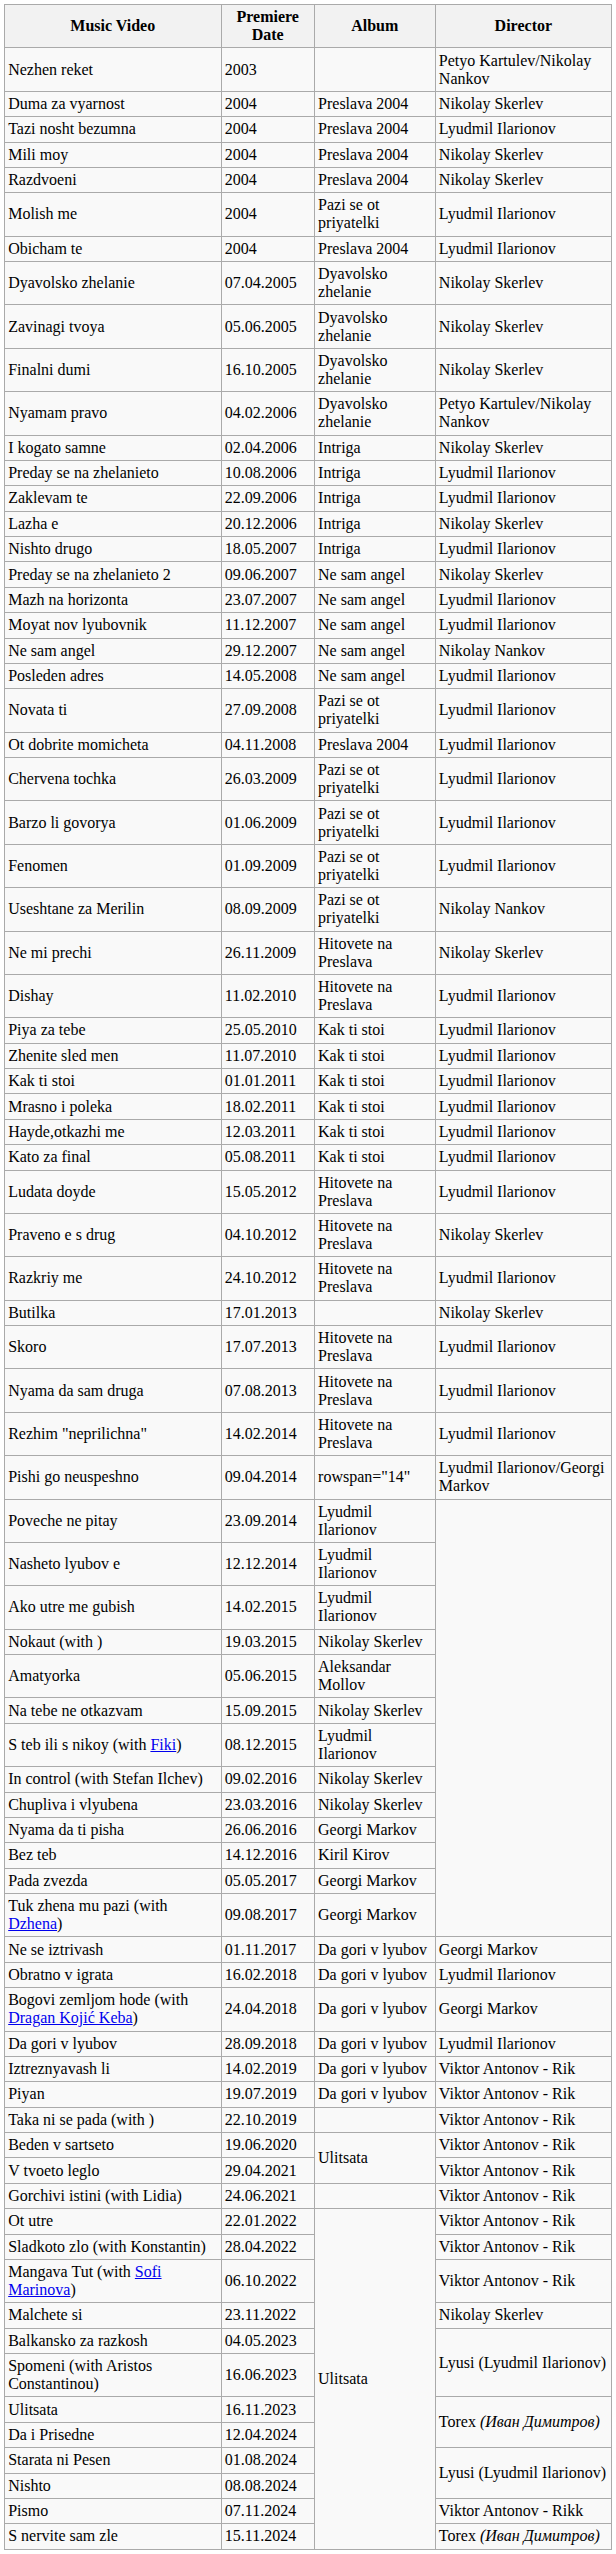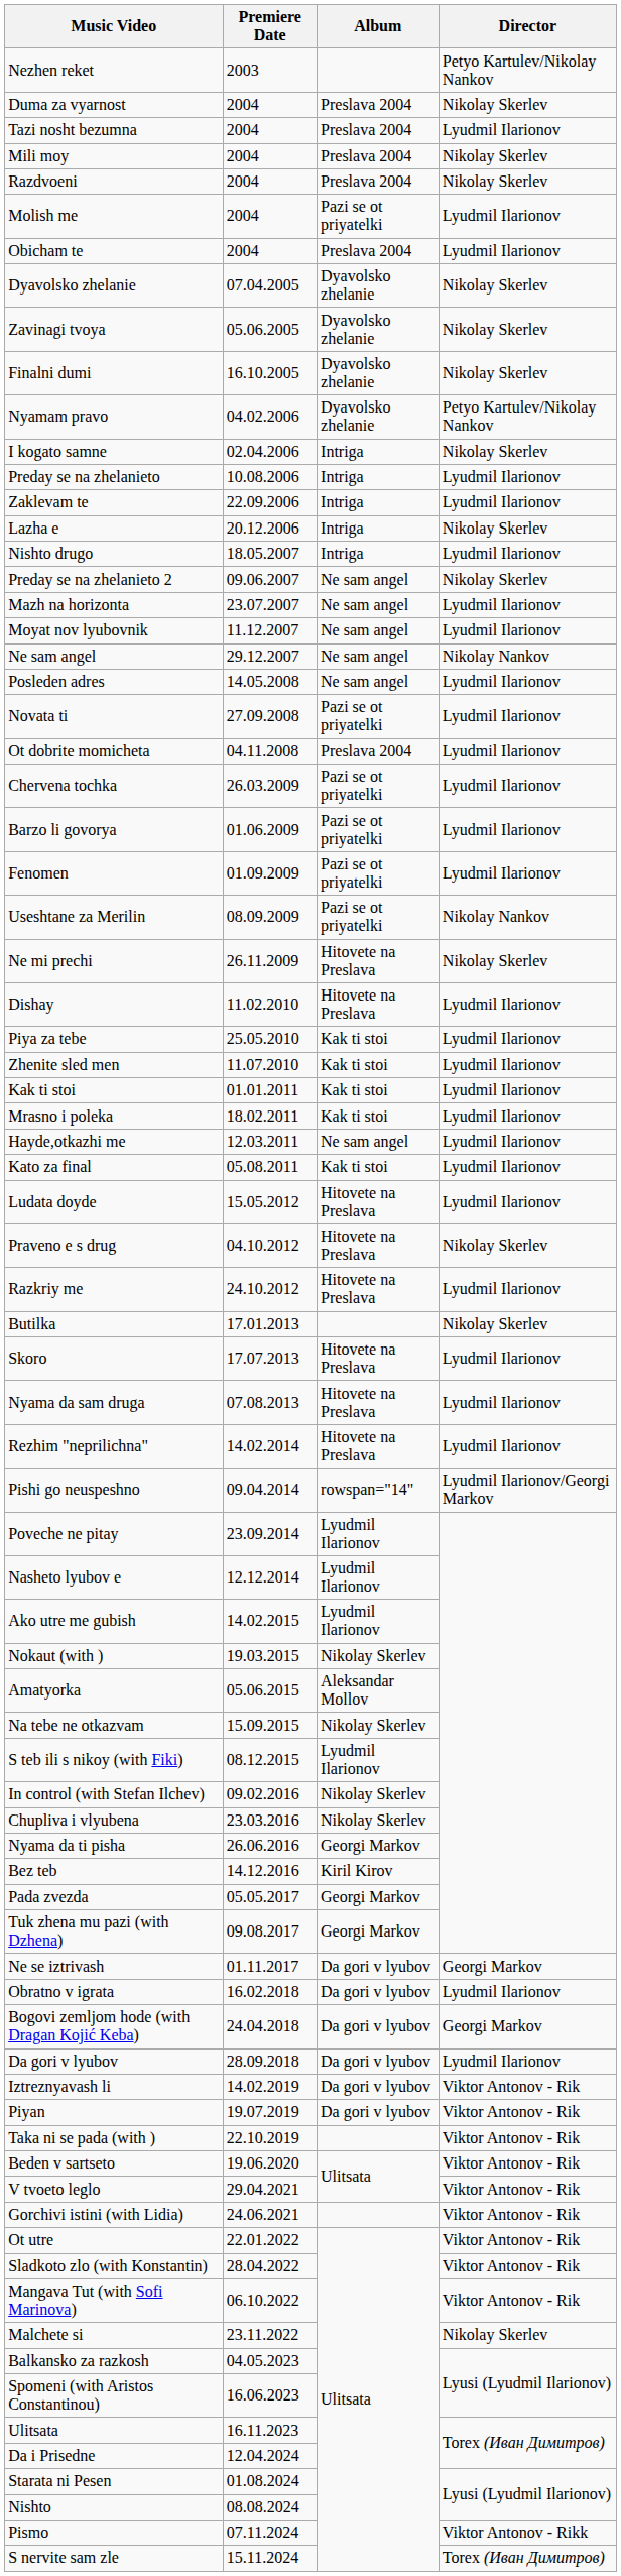 <table class="wikitable">
 <tr>
 <th>Music Video</th>
 <th>Premiere Date</th>
 <th>Album</th>
 <th>Director</th>
 </tr>
 <tr>
 <td>Nezhen reket</td>
 <td>2003</td>
 <td></td>
 <td>Petyo Kartulev/Nikolay Nankov</td>
 </tr>
 <tr>
 <td>Duma za vyarnost</td>
 <td>2004</td>
 <td>Preslava 2004</td>
 <td>Nikolay Skerlev</td>
 </tr>
 <tr>
 <td>Tazi nosht bezumna</td>
 <td>2004</td>
 <td>Preslava 2004</td>
 <td>Lyudmil Ilarionov</td>
 </tr>
 <tr>
 <td>Mili moy</td>
 <td>2004</td>
 <td>Preslava 2004</td>
 <td>Nikolay Skerlev</td>
 </tr>
 <tr>
 <td>Razdvoeni</td>
 <td>2004</td>
 <td>Preslava 2004</td>
 <td>Nikolay Skerlev</td>
 </tr>
 <tr>
 <td>Molish me</td>
 <td>2004</td>
 <td>Pazi se ot priyatelki</td>
 <td>Lyudmil Ilarionov</td>
 </tr>
 <tr>
 <td>Obicham te</td>
 <td>2004</td>
 <td>Preslava 2004</td>
 <td>Lyudmil Ilarionov</td>
 </tr>
 <tr>
 <td>Dyavolsko zhelanie</td>
 <td>07.04.2005</td>
 <td>Dyavolsko zhelanie</td>
 <td>Nikolay Skerlev</td>
 </tr>
 <tr>
 <td>Zavinagi tvoya</td>
 <td>05.06.2005</td>
 <td>Dyavolsko zhelanie</td>
 <td>Nikolay Skerlev</td>
 </tr>
 <tr>
 <td>Finalni dumi</td>
 <td>16.10.2005</td>
 <td>Dyavolsko zhelanie</td>
 <td>Nikolay Skerlev</td>
 </tr>
 <tr>
 <td>Nyamam pravo</td>
 <td>04.02.2006</td>
 <td>Dyavolsko zhelanie</td>
 <td>Petyo Kartulev/Nikolay Nankov</td>
 </tr>
 <tr>
 <td>I kogato samne</td>
 <td>02.04.2006</td>
 <td>Intriga</td>
 <td>Nikolay Skerlev</td>
 </tr>
 <tr>
 <td>Preday se na zhelanieto</td>
 <td>10.08.2006</td>
 <td>Intriga</td>
 <td>Lyudmil Ilarionov</td>
 </tr>
 <tr>
 <td>Zaklevam te</td>
 <td>22.09.2006</td>
 <td>Intriga</td>
 <td>Lyudmil Ilarionov</td>
 </tr>
 <tr>
 <td>Lazha e</td>
 <td>20.12.2006</td>
 <td>Intriga</td>
 <td>Nikolay Skerlev</td>
 </tr>
 <tr>
 <td>Nishto drugo</td>
 <td>18.05.2007</td>
 <td>Intriga</td>
 <td>Lyudmil Ilarionov</td>
 </tr>
 <tr>
 <td>Preday se na zhelanieto 2</td>
 <td>09.06.2007</td>
 <td>Ne sam angel</td>
 <td>Nikolay Skerlev</td>
 </tr>
 <tr>
 <td>Mazh na horizonta</td>
 <td>23.07.2007</td>
 <td>Ne sam angel</td>
 <td>Lyudmil Ilarionov</td>
 </tr>
 <tr>
 <td>Moyat nov lyubovnik</td>
 <td>11.12.2007</td>
 <td>Ne sam angel</td>
 <td>Lyudmil Ilarionov</td>
 </tr>
 <tr>
 <td>Ne sam angel</td>
 <td>29.12.2007</td>
 <td>Ne sam angel</td>
 <td>Nikolay Nankov</td>
 </tr>
 <tr>
 <td>Posleden adres</td>
 <td>14.05.2008</td>
 <td>Ne sam angel</td>
 <td>Lyudmil Ilarionov</td>
 </tr>
 <tr>
 <td>Novata ti</td>
 <td>27.09.2008</td>
 <td>Pazi se ot priyatelki</td>
 <td>Lyudmil Ilarionov</td>
 </tr>
 <tr>
 <td>Ot dobrite momicheta</td>
 <td>04.11.2008</td>
 <td>Preslava 2004</td>
 <td>Lyudmil Ilarionov</td>
 </tr>
 <tr>
 <td>Chervena tochka</td>
 <td>26.03.2009</td>
 <td>Pazi se ot priyatelki</td>
 <td>Lyudmil Ilarionov</td>
 </tr>
 <tr>
 <td>Barzo li govorya</td>
 <td>01.06.2009</td>
 <td>Pazi se ot priyatelki</td>
 <td>Lyudmil Ilarionov</td>
 </tr>
 <tr>
 <td>Fenomen</td>
 <td>01.09.2009</td>
 <td>Pazi se ot priyatelki</td>
 <td>Lyudmil Ilarionov</td>
 </tr>
 <tr>
 <td>Useshtane za Merilin</td>
 <td>08.09.2009</td>
 <td>Pazi se ot priyatelki</td>
 <td>Nikolay Nankov</td>
 </tr>
 <tr>
 <td>Ne mi prechi</td>
 <td>26.11.2009</td>
 <td>Hitovete na Preslava</td>
 <td>Nikolay Skerlev</td>
 </tr>
 <tr>
 <td>Dishay</td>
 <td>11.02.2010</td>
 <td>Hitovete na Preslava</td>
 <td>Lyudmil Ilarionov</td>
 </tr>
 <tr>
 <td>Piya za tebe</td>
 <td>25.05.2010</td>
 <td>Kak ti stoi</td>
 <td>Lyudmil Ilarionov</td>
 </tr>
 <tr>
 <td>Zhenite sled men</td>
 <td>11.07.2010</td>
 <td>Kak ti stoi</td>
 <td>Lyudmil Ilarionov</td>
 </tr>
 <tr>
 <td>Kak ti stoi</td>
 <td>01.01.2011</td>
 <td>Kak ti stoi</td>
 <td>Lyudmil Ilarionov</td>
 </tr>
 <tr>
 <td>Mrasno i poleka</td>
 <td>18.02.2011</td>
 <td>Kak ti stoi</td>
 <td>Lyudmil Ilarionov</td>
 </tr>
 <tr>
 <td>Hayde,otkazhi me</td>
 <td>12.03.2011</td>
-<td>Kak ti stoi</td>
+<td>Ne sam angel</td>
 <td>Lyudmil Ilarionov</td>
 </tr>
 <tr>
 <td>Kato za final</td>
 <td>05.08.2011</td>
 <td>Kak ti stoi</td>
 <td>Lyudmil Ilarionov</td>
 </tr>
 <tr>
 <td>Ludata doyde</td>
 <td>15.05.2012</td>
 <td>Hitovete na Preslava</td>
 <td>Lyudmil Ilarionov</td>
 </tr>
 <tr>
 <td>Praveno e s drug</td>
 <td>04.10.2012</td>
 <td>Hitovete na Preslava</td>
 <td>Nikolay Skerlev</td>
 </tr>
 <tr>
 <td>Razkriy me</td>
 <td>24.10.2012</td>
 <td>Hitovete na Preslava</td>
 <td>Lyudmil Ilarionov</td>
 </tr>
 <tr>
 <td>Butilka</td>
 <td>17.01.2013</td>
 <td></td>
 <td>Nikolay Skerlev</td>
 </tr>
 <tr>
 <td>Skoro</td>
 <td>17.07.2013</td>
 <td>Hitovete na Preslava</td>
 <td>Lyudmil Ilarionov</td>
 </tr>
 <tr>
 <td>Nyama da sam druga</td>
 <td>07.08.2013</td>
 <td>Hitovete na Preslava</td>
 <td>Lyudmil Ilarionov</td>
 </tr>
 <tr>
 <td>Rezhim "neprilichna"</td>
 <td>14.02.2014</td>
 <td>Hitovete na Preslava</td>
 <td>Lyudmil Ilarionov</td>
 </tr>
 <tr>
 <td>Pishi go neuspeshno</td>
 <td>09.04.2014</td>
 <td>rowspan="14" </td>
 <td>Lyudmil Ilarionov/Georgi Markov</td>
 </tr>
 <tr>
 <td>Poveche ne pitay</td>
 <td>23.09.2014</td>
 <td>Lyudmil Ilarionov</td>
 </tr>
 <tr>
 <td>Nasheto lyubov e</td>
 <td>12.12.2014</td>
 <td>Lyudmil Ilarionov</td>
 </tr>
 <tr>
 <td>Ako utre me gubish</td>
 <td>14.02.2015</td>
 <td>Lyudmil Ilarionov</td>
 </tr>
 <tr>
 <td>Nokaut (with )</td>
 <td>19.03.2015</td>
 <td>Nikolay Skerlev</td>
 </tr>
 <tr>
 <td>Amatyorka</td>
 <td>05.06.2015</td>
 <td>Aleksandar Mollov</td>
 </tr>
 <tr |bg|Ваня (певица)}}>
 <td>Na tebe ne otkazvam</td>
 <td>15.09.2015</td>
 <td>Nikolay Skerlev</td>
 </tr>
 <tr>
 <td>S teb ili s nikoy (with <a href='#'>Fiki</a>)</td>
 <td>08.12.2015</td>
 <td>Lyudmil Ilarionov</td>
 </tr>
 <tr>
 <td>In control (with Stefan Ilchev)</td>
 <td>09.02.2016</td>
 <td>Nikolay Skerlev</td>
 </tr>
 <tr>
 <td>Chupliva i vlyubena</td>
 <td>23.03.2016</td>
 <td>Nikolay Skerlev</td>
 </tr>
 <tr>
 <td>Nyama da ti pisha</td>
 <td>26.06.2016</td>
 <td>Georgi Markov</td>
 </tr>
 <tr>
 <td>Bez teb</td>
 <td>14.12.2016</td>
 <td>Kiril Kirov</td>
 </tr>
 <tr>
 <td>Pada zvezda</td>
 <td>05.05.2017</td>
 <td>Georgi Markov</td>
 </tr>
 <tr>
 <td>Tuk zhena mu pazi (with <a href='#'>Dzhena</a>)</td>
 <td>09.08.2017</td>
 <td>Georgi Markov</td>
 </tr>
 <tr>
 <td>Ne se iztrivash</td>
 <td>01.11.2017</td>
 <td>Da gori v lyubov</td>
 <td>Georgi Markov</td>
 </tr>
 <tr>
 <td>Obratno v igrata</td>
 <td>16.02.2018</td>
 <td>Da gori v lyubov</td>
 <td>Lyudmil Ilarionov</td>
 </tr>
 <tr>
 <td>Bogovi zemljom hode (with <a href='#'>Dragan Kojić Keba</a>)</td>
 <td>24.04.2018</td>
 <td>Da gori v lyubov</td>
 <td>Georgi Markov</td>
 </tr>
 <tr>
 <td>Da gori v lyubov</td>
 <td>28.09.2018</td>
 <td>Da gori v lyubov</td>
 <td>Lyudmil Ilarionov</td>
 </tr>
 <tr>
 <td>Iztreznyavash li</td>
 <td>14.02.2019</td>
 <td>Da gori v lyubov</td>
 <td>Viktor Antonov - Rik</td>
 </tr>
 <tr>
 <td>Piyan</td>
 <td>19.07.2019</td>
 <td>Da gori v lyubov</td>
 <td>Viktor Antonov - Rik</td>
 </tr>
 <tr>
 <td>Taka ni se pada (with )</td>
 <td>22.10.2019</td>
 <td></td>
 <td>Viktor Antonov - Rik</td>
 </tr>
 <tr>
 <td>Beden v sartseto</td>
 <td>19.06.2020</td>
 <td rowspan="2">Ulitsata</td>
 <td>Viktor Antonov - Rik</td>
 </tr>
 <tr>
 <td>V tvoeto leglo</td>
 <td>29.04.2021</td>
 <td>Viktor Antonov - Rik</td>
 </tr>
 <tr>
 <td>Gorchivi istini (with Lidia)</td>
 <td>24.06.2021</td>
 <td></td>
 <td>Viktor Antonov - Rik</td>
 </tr>
 <tr>
 <td>Ot utre</td>
 <td>22.01.2022</td>
 <td rowspan="12">Ulitsata</td>
 <td>Viktor Antonov - Rik</td>
 </tr>
 <tr>
 <td>Sladkoto zlo (with Konstantin)</td>
 <td>28.04.2022</td>
 <td>Viktor Antonov - Rik</td>
 </tr>
 <tr>
 <td>Mangava Tut (with <a href='#'>Sofi Marinova</a>)</td>
 <td>06.10.2022</td>
 <td>Viktor Antonov - Rik</td>
 </tr>
 <tr>
 <td>Malchete si</td>
 <td>23.11.2022</td>
 <td>Nikolay Skerlev</td>
 </tr>
 <tr>
 <td>Balkansko za razkosh</td>
 <td>04.05.2023</td>
 <td rowspan="2">Lyusi (Lyudmil Ilarionov)</td>
 </tr>
 <tr>
 <td>Spomeni (with Aristos Constantinou)</td>
 <td>16.06.2023</td>
 </tr>
 <tr>
 <td>Ulitsata</td>
 <td>16.11.2023</td>
 <td rowspan="2">Torex <em>(Иван Димитров)</em></td>
 </tr>
 <tr>
 <td>Da i Prisedne</td>
 <td>12.04.2024</td>
 </tr>
 <tr>
 <td>Starata ni Pesen</td>
 <td>01.08.2024</td>
 <td rowspan="2">Lyusi (Lyudmil Ilarionov)</td>
 </tr>
 <tr>
 <td>Nishto</td>
 <td>08.08.2024</td>
 </tr>
 <tr>
 <td>Pismo</td>
 <td>07.11.2024</td>
 <td>Viktor Antonov - Rikk</td>
 </tr>
 <tr>
 <td>S nervite sam zle</td>
 <td>15.11.2024</td>
 <td>Torex <em>(Иван Димитров)</em></td>
 </tr>
 </table>
